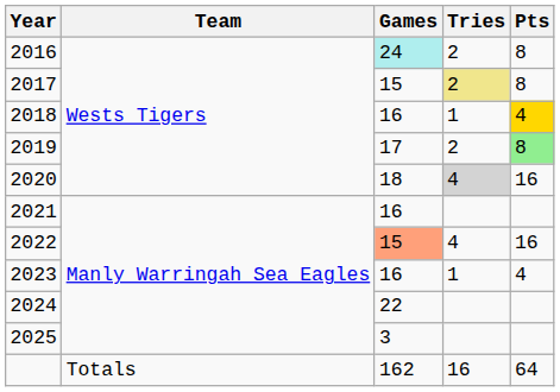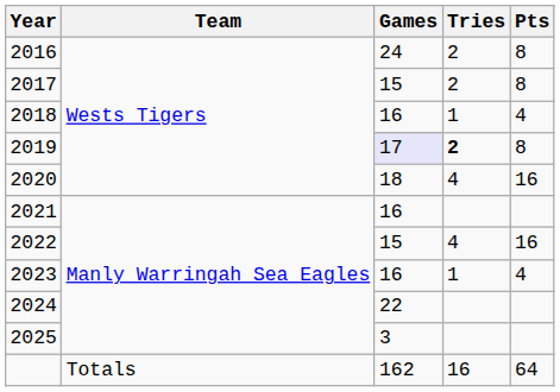 <table class="wikitable">
 <tr>
 <th>Year</th>
 <th>Team</th>
 <th>Games</th>
 <th>Tries</th>
 <th>Pts</th>
 </tr>
 <tr>
 <td>2016</td>
 <td rowspan="5"> <a href='#'>Wests Tigers</a></td>
-<td style="background: paleturquoise;">24</td>
+<td>24</td>
 <td>2</td>
 <td>8</td>
 </tr>
 <tr>
 <td>2017</td>
 <td>15</td>
-<td style="background: khaki;">2</td>
+<td>2</td>
 <td>8</td>
 </tr>
 <tr>
 <td>2018</td>
 <td>16</td>
 <td>1</td>
-<td style="background: gold;">4</td>
+<td>4</td>
 </tr>
 <tr>
 <td>2019</td>
-<td>17</td>
-<td>2</td>
-<td style="background: lightgreen;">8</td>
+<td style="background: lavender;">17</td>
+<td><strong>2</strong></td>
+<td>8</td>
 </tr>
 <tr>
 <td>2020</td>
 <td>18</td>
-<td style="background: lightgrey;">4</td>
+<td>4</td>
 <td>16</td>
 </tr>
 <tr>
 <td>2021</td>
 <td rowspan="5"> <a href='#'>Manly Warringah Sea Eagles</a></td>
 <td>16</td>
 <td></td>
 <td></td>
 </tr>
 <tr>
 <td>2022</td>
-<td style="background: lightsalmon;">15</td>
+<td>15</td>
 <td>4</td>
 <td>16</td>
 </tr>
 <tr>
 <td>2023</td>
 <td>16</td>
 <td>1</td>
 <td>4</td>
 </tr>
 <tr>
 <td>2024</td>
 <td>22</td>
 <td></td>
 <td></td>
 </tr>
 <tr>
 <td>2025</td>
 <td>3</td>
 <td></td>
 <td></td>
 </tr>
 <tr>
 <td></td>
 <td>Totals</td>
 <td>162</td>
 <td>16</td>
 <td>64</td>
 </tr>
 </table>
